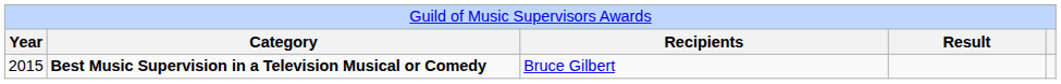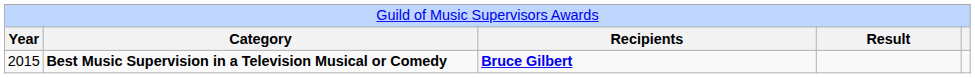 <table class="wikitable plainrowheaders" style="font-size: 100%; width:85%">
 <tr>
 </tr>
 <tr ---- bgcolor="#bfd7ff">
 <td colspan=6 align=center><a href='#'>Guild of Music Supervisors Awards</a></td>
 </tr>
 <tr ---- bgcolor="#ebf5ff">
 <th scope="col" style="width:2%;">Year</th>
 <th scope="col" style="width:45%;">Category</th>
 <th scope="col" style="width:35%;">Recipients</th>
 <th scope="col" style="width:15%;">Result</th>
 <th scope="col" class="unsortable" style="width:1%;"></th>
 </tr>
 <tr>
 <td style="text-align:center;">2015</td>
 <td><strong>Best Music Supervision in a Television Musical or Comedy</strong></td>
-<td><a href='#'>Bruce Gilbert</a></td>
+<td><strong><a href='#'>Bruce Gilbert</a></strong></td>
 <td></td>
 <td style="text-align:center;"></td>
 </tr>
 </table>
